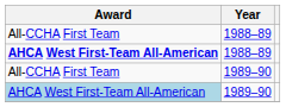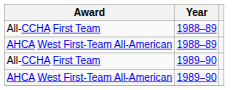 <table class="wikitable">
 <tr>
 <th>Award</th>
 <th>Year</th>
 <th></th>
 </tr>
 <tr>
 <td>All-<a href='#'>CCHA</a> <a href='#'>First Team</a></td>
 <td><a href='#'>1988–89</a></td>
 <td></td>
 </tr>
 <tr>
-<td><strong><a href='#'>AHCA</a> <a href='#'>West First-Team All-American</a></strong></td>
+<td><a href='#'>AHCA</a> <a href='#'>West First-Team All-American</a></td>
 <td><a href='#'>1988–89</a></td>
 <td></td>
 </tr>
 <tr>
 <td>All-<a href='#'>CCHA</a> <a href='#'>First Team</a></td>
 <td><a href='#'>1989–90</a></td>
 <td></td>
 </tr>
 <tr>
-<td style="background: lightblue;"><a href='#'>AHCA</a> <a href='#'>West First-Team All-American</a></td>
+<td><a href='#'>AHCA</a> <a href='#'>West First-Team All-American</a></td>
 <td><a href='#'>1989–90</a></td>
 <td></td>
 </tr>
 <tr>
 </tr>
 </table>
